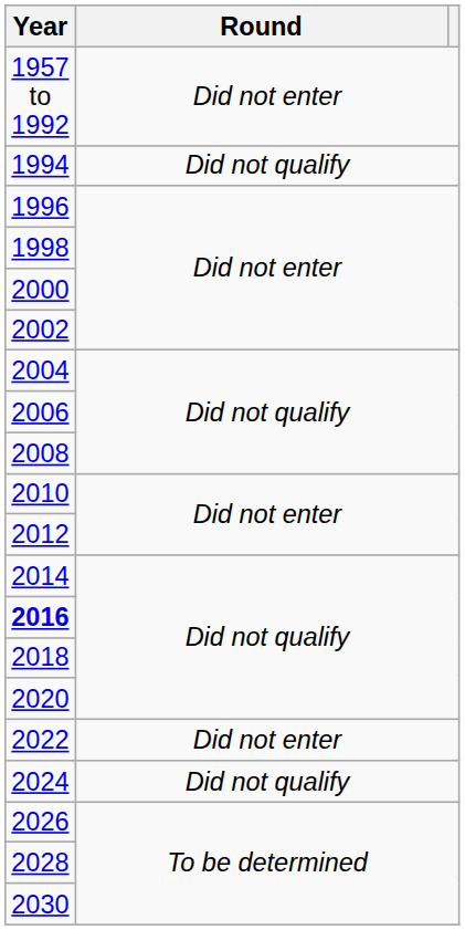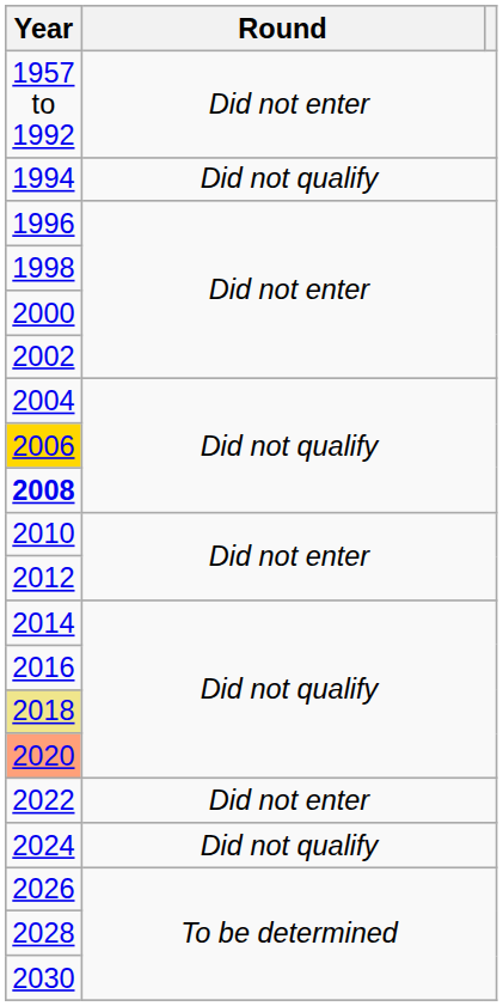 <table class="wikitable" style="text-align: center; font-size:90%">
 <tr>
 <th>Year</th>
 <th style="width:200px">Round</th>
 <th></th>
 </tr>
 <tr>
 <td><a href='#'>1957</a><br>to<br><a href='#'>1992</a></td>
 <td colspan="2"><em>Did not enter</em></td>
 </tr>
 <tr>
 <td><a href='#'>1994</a></td>
 <td colspan="2"><em>Did not qualify</em></td>
 </tr>
 <tr>
 <td><a href='#'>1996</a></td>
 <td colspan="2" rowspan="4"><em>Did not enter</em></td>
 </tr>
 <tr>
 <td><a href='#'>1998</a></td>
 </tr>
 <tr>
 <td><a href='#'>2000</a></td>
 </tr>
 <tr>
 <td><a href='#'>2002</a></td>
 </tr>
 <tr>
 <td><a href='#'>2004</a></td>
 <td colspan="2" rowspan="3"><em>Did not qualify</em></td>
 </tr>
 <tr>
-<td><a href='#'>2006</a></td>
+<td style="background: gold;"><a href='#'>2006</a></td>
 </tr>
 <tr>
-<td><a href='#'>2008</a></td>
+<td><strong><a href='#'>2008</a></strong></td>
 </tr>
 <tr>
 <td><a href='#'>2010</a></td>
 <td colspan="2" rowspan="2"><em>Did not enter</em></td>
 </tr>
 <tr>
 <td><a href='#'>2012</a></td>
 </tr>
 <tr>
 <td><a href='#'>2014</a></td>
 <td colspan="2" rowspan="4"><em>Did not qualify</em></td>
 </tr>
 <tr>
-<td><strong><a href='#'>2016</a></strong></td>
+<td><a href='#'>2016</a></td>
 </tr>
 <tr>
-<td><a href='#'>2018</a></td>
+<td style="background: khaki;"><a href='#'>2018</a></td>
 </tr>
 <tr>
-<td><a href='#'>2020</a></td>
+<td style="background: lightsalmon;"><a href='#'>2020</a></td>
 </tr>
 <tr>
 <td><a href='#'>2022</a></td>
 <td colspan="2"><em>Did not enter</em></td>
 </tr>
 <tr>
 <td><a href='#'>2024</a></td>
 <td colspan="2"><em>Did not qualify</em></td>
 </tr>
 <tr>
 <td><a href='#'>2026</a></td>
 <td colspan="2" rowspan="3"><em>To be determined</em></td>
 </tr>
 <tr>
 <td><a href='#'>2028</a></td>
 </tr>
 <tr>
 <td><a href='#'>2030</a></td>
 </tr>
 </table>
